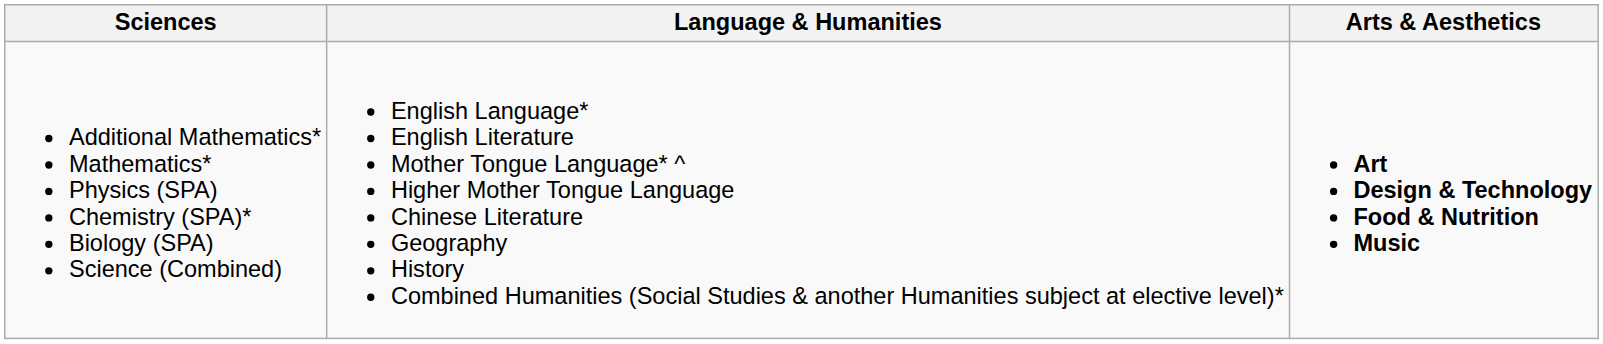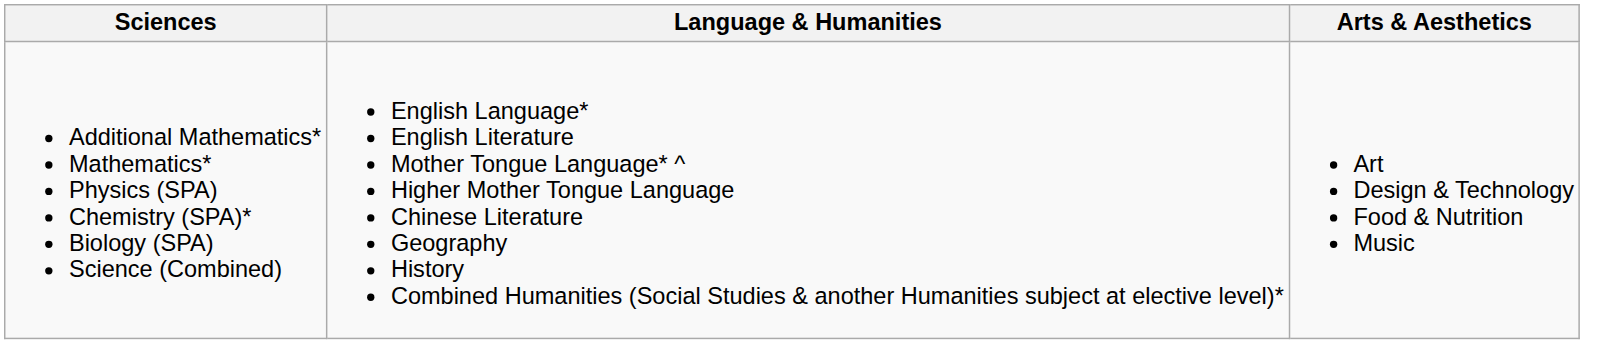 <table class="wikitable">
 <tr>
 <th>Sciences</th>
 <th><strong>Language & Humanities</strong></th>
 <th><strong>Arts & Aesthetics</strong></th>
 </tr>
 <tr>
 <td><br><ul><li>Additional Mathematics*</li><li>Mathematics*</li><li>Physics (SPA)</li><li>Chemistry (SPA)*</li><li>Biology (SPA)</li><li>Science (Combined)</li></ul></td>
 <td><br><ul><li>English Language*</li><li>English Literature</li><li>Mother Tongue Language* ^</li><li>Higher Mother Tongue Language</li><li>Chinese Literature</li><li>Geography</li><li>History</li><li>Combined Humanities (Social Studies & another Humanities subject at elective level)*</li></ul></td>
-<td><strong><br><ul><li>Art</li><li>Design & Technology</li><li>Food & Nutrition</li><li>Music</li></ul></strong></td>
+<td><br><ul><li>Art</li><li>Design & Technology</li><li>Food & Nutrition</li><li>Music</li></ul></td>
 </tr>
 </table>
